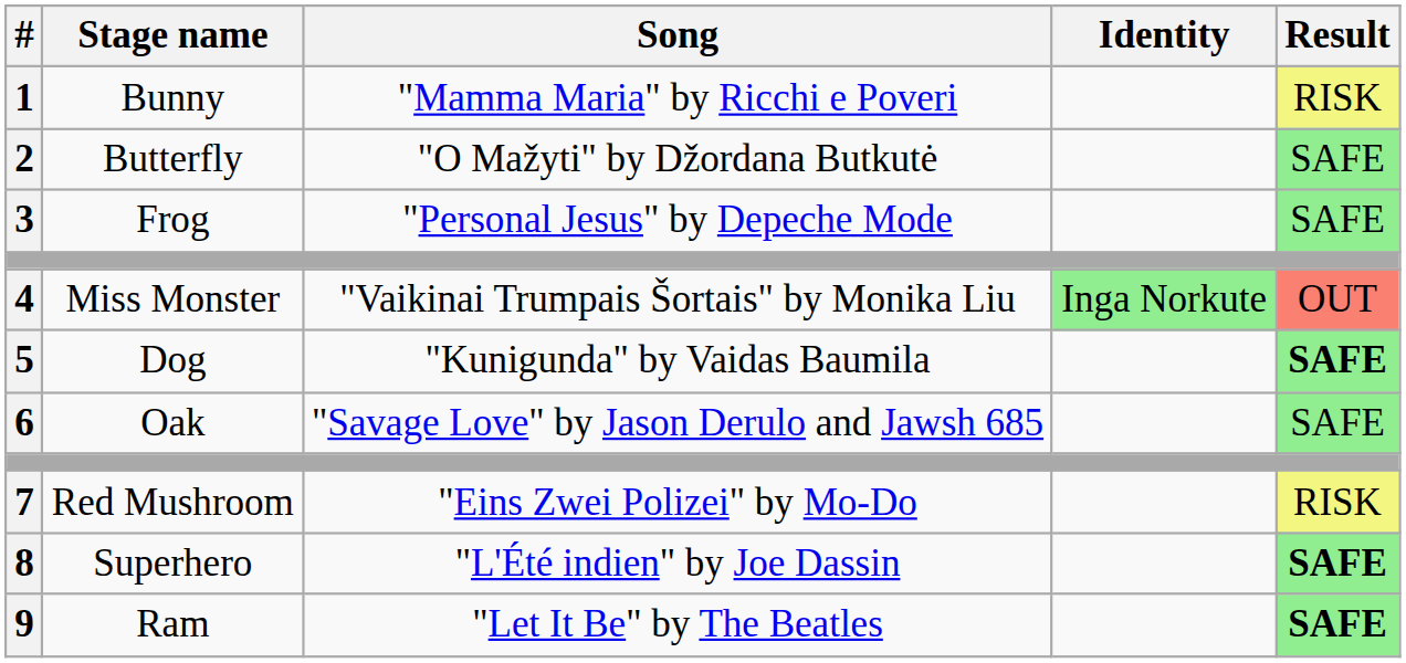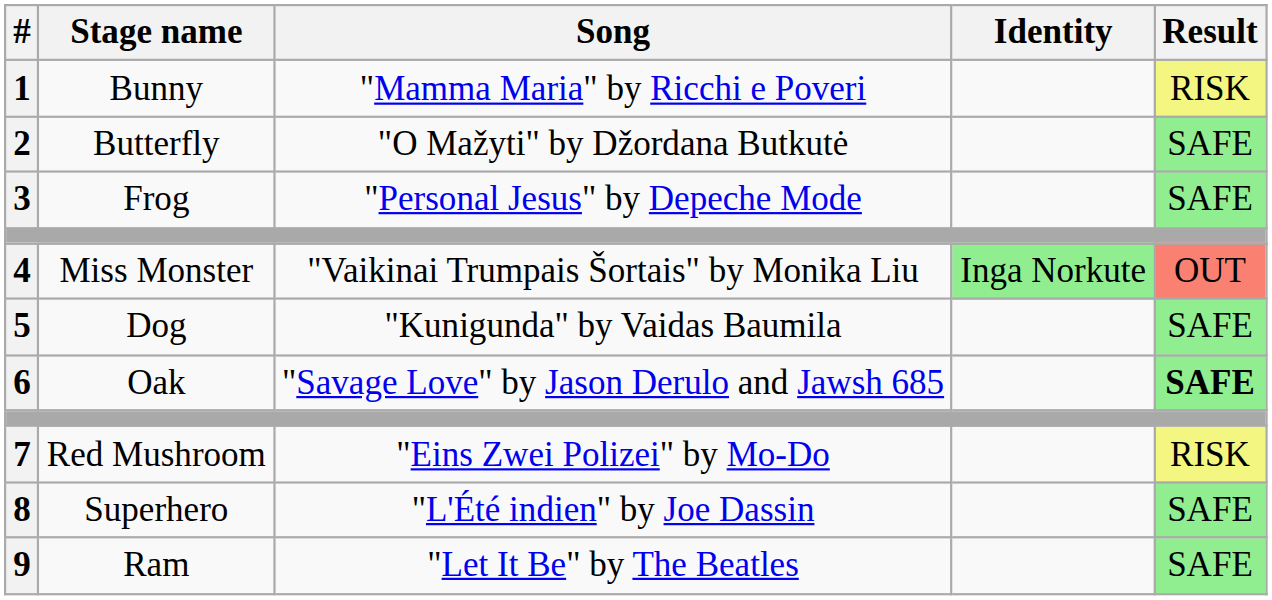 <table class="wikitable plainrowheaders" style="text-align: center;">
 <tr>
 <th>#</th>
 <th>Stage name</th>
 <th>Song</th>
 <th>Identity</th>
 <th>Result</th>
 </tr>
 <tr>
 <th>1</th>
 <td>Bunny</td>
 <td>"<a href='#'>Mamma Maria</a>" by <a href='#'>Ricchi e Poveri</a></td>
 <td></td>
 <td bgcolor="#F3F781">RISK</td>
 </tr>
 <tr>
 <th>2</th>
 <td>Butterfly</td>
 <td>"O Mažyti" by Džordana Butkutė</td>
 <td></td>
 <td bgcolor="lightgreen">SAFE</td>
 </tr>
 <tr>
 <th>3</th>
 <td>Frog</td>
 <td>"<a href='#'>Personal Jesus</a>" by <a href='#'>Depeche Mode</a></td>
 <td></td>
 <td bgcolor="lightgreen">SAFE</td>
 </tr>
 <tr>
 <td colspan="5" style="background:darkgray"></td>
 </tr>
 <tr>
 <th>4</th>
 <td>Miss Monster</td>
 <td>"Vaikinai Trumpais Šortais" by Monika Liu</td>
 <td style="background: lightgreen;">Inga Norkute</td>
 <td bgcolor="salmon">OUT</td>
 </tr>
 <tr>
 <th>5</th>
 <td>Dog</td>
 <td>"Kunigunda" by Vaidas Baumila</td>
 <td></td>
-<td bgcolor="lightgreen"><strong>SAFE</strong></td>
+<td bgcolor="lightgreen">SAFE</td>
 </tr>
 <tr>
 <th>6</th>
 <td>Oak</td>
 <td>"<a href='#'>Savage Love</a>" by <a href='#'>Jason Derulo</a> and <a href='#'>Jawsh 685</a></td>
 <td></td>
-<td bgcolor="lightgreen">SAFE</td>
+<td bgcolor="lightgreen"><strong>SAFE</strong></td>
 </tr>
 <tr>
 <td colspan="5" style="background:darkgray"></td>
 </tr>
 <tr>
 <th>7</th>
 <td>Red Mushroom</td>
 <td>"<a href='#'>Eins Zwei Polizei</a>" by <a href='#'>Mo-Do</a></td>
 <td></td>
 <td bgcolor="#F3F781">RISK</td>
 </tr>
 <tr>
 <th>8</th>
 <td>Superhero</td>
 <td>"<a href='#'>L'Été indien</a>" by <a href='#'>Joe Dassin</a></td>
 <td></td>
-<td bgcolor="lightgreen"><strong>SAFE</strong></td>
+<td bgcolor="lightgreen">SAFE</td>
 </tr>
 <tr>
 <th>9</th>
 <td>Ram</td>
 <td>"<a href='#'>Let It Be</a>" by <a href='#'>The Beatles</a></td>
 <td></td>
-<td bgcolor="lightgreen"><strong>SAFE</strong></td>
+<td bgcolor="lightgreen">SAFE</td>
 </tr>
 </table>
